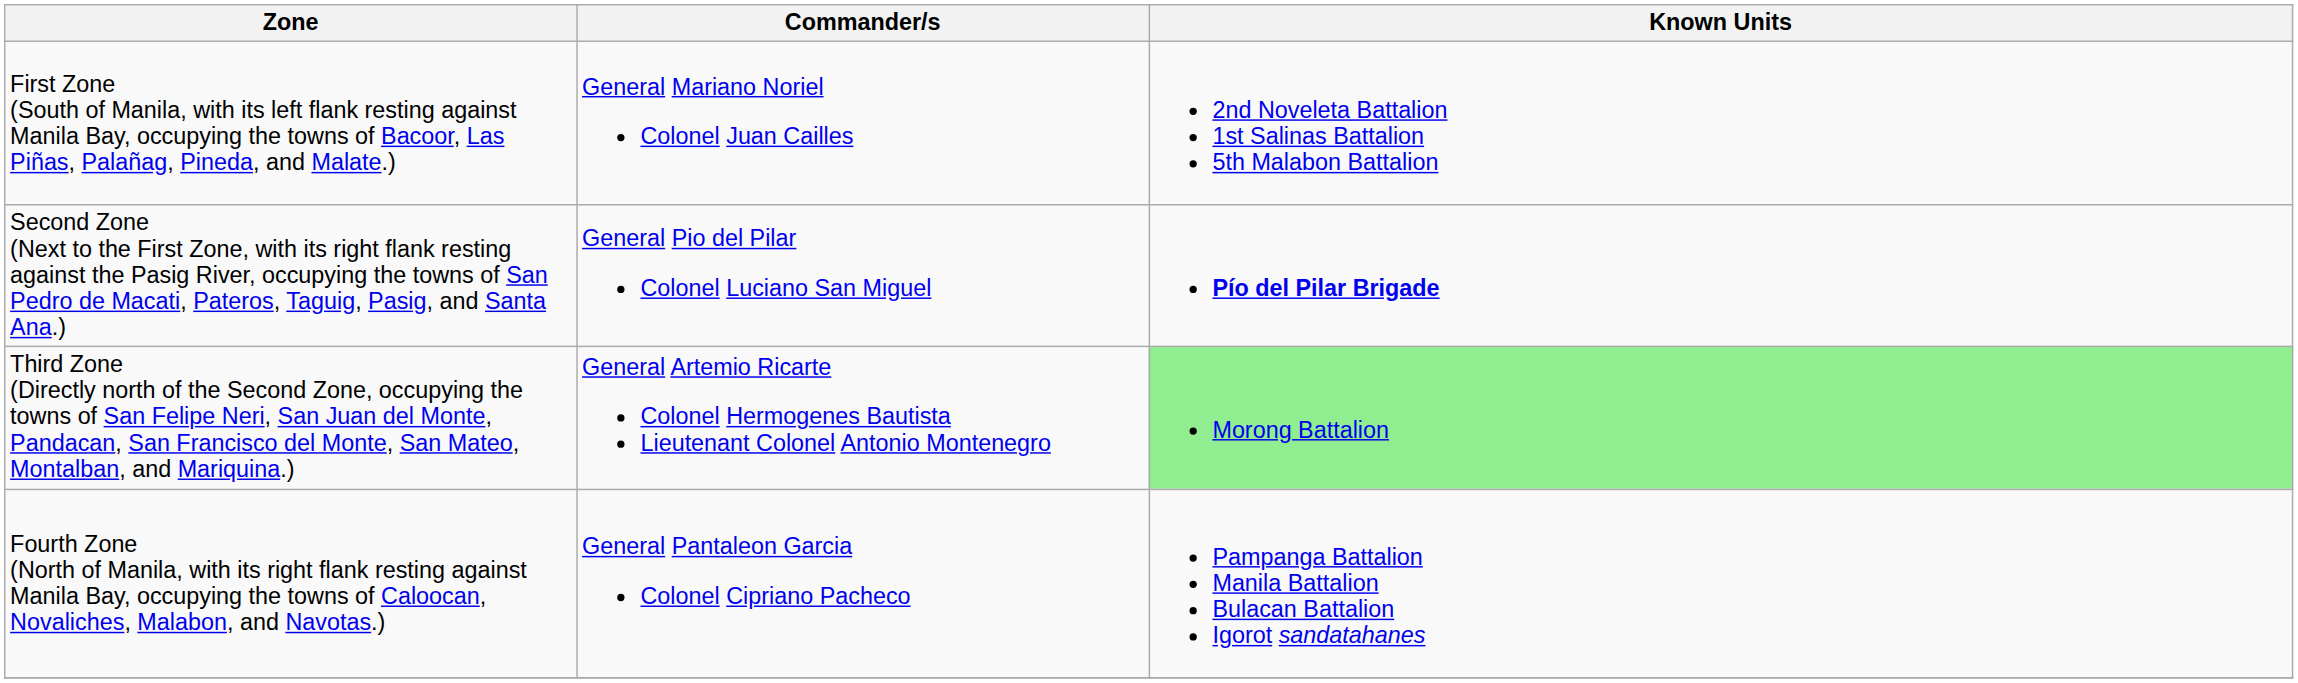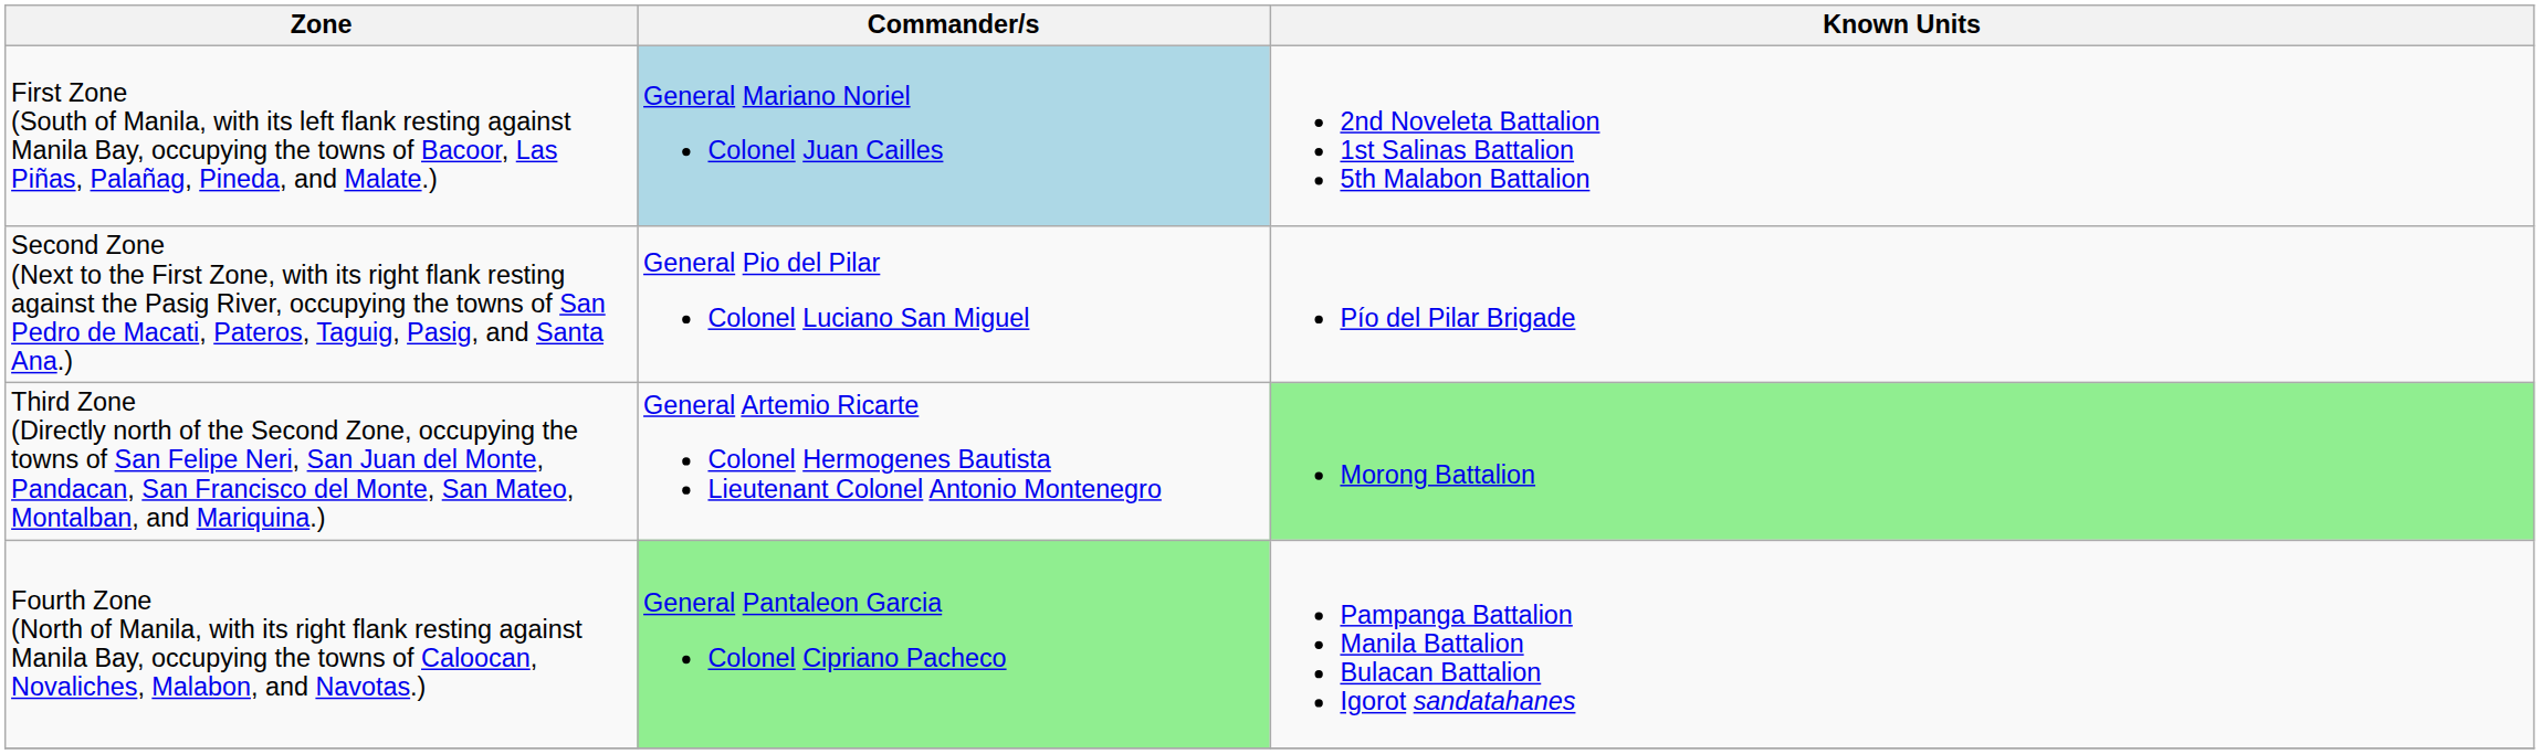 <table class="wikitable">
 <tr>
 <th width=25%>Zone</th>
 <th width=25%>Commander/s</th>
 <th>Known Units</th>
 </tr>
 <tr>
 <td>First Zone<br>(South of Manila, with its left flank resting against Manila Bay, occupying the towns of <a href='#'>Bacoor</a>, <a href='#'>Las Piñas</a>, <a href='#'>Palañag</a>, <a href='#'>Pineda</a>, and <a href='#'>Malate</a>.)</td>
-<td><a href='#'>General</a> <a href='#'>Mariano Noriel</a><br><ul><li><a href='#'>Colonel</a> <a href='#'>Juan Cailles</a></li></ul></td>
+<td style="background: lightblue;"><a href='#'>General</a> <a href='#'>Mariano Noriel</a><br><ul><li><a href='#'>Colonel</a> <a href='#'>Juan Cailles</a></li></ul></td>
 <td><br><ul><li><a href='#'>2nd Noveleta Battalion</a></li><li><a href='#'>1st Salinas Battalion</a></li><li><a href='#'>5th Malabon Battalion</a></li></ul></td>
 </tr>
 <tr>
 <td>Second Zone<br>(Next to the First Zone, with its right flank resting against the Pasig River, occupying the towns of <a href='#'>San Pedro de Macati</a>, <a href='#'>Pateros</a>, <a href='#'>Taguig</a>, <a href='#'>Pasig</a>, and <a href='#'>Santa Ana</a>.)</td>
 <td><a href='#'>General</a> <a href='#'>Pio del Pilar</a><br><ul><li><a href='#'>Colonel</a> <a href='#'>Luciano San Miguel</a></li></ul></td>
-<td><strong><br><ul><li><a href='#'>Pío del Pilar Brigade</a></li></ul></strong></td>
+<td><br><ul><li><a href='#'>Pío del Pilar Brigade</a></li></ul></td>
 </tr>
 <tr>
 <td>Third Zone<br>(Directly north of the Second Zone, occupying the towns of <a href='#'>San Felipe Neri</a>, <a href='#'>San Juan del Monte</a>, <a href='#'>Pandacan</a>, <a href='#'>San Francisco del Monte</a>, <a href='#'>San Mateo</a>, <a href='#'>Montalban</a>, and <a href='#'>Mariquina</a>.)</td>
 <td><a href='#'>General</a> <a href='#'>Artemio Ricarte</a><br><ul><li><a href='#'>Colonel</a> <a href='#'>Hermogenes Bautista</a></li><li><a href='#'>Lieutenant Colonel</a> <a href='#'>Antonio Montenegro</a></li></ul></td>
 <td style="background: lightgreen;"><br><ul><li><a href='#'>Morong Battalion</a></li></ul></td>
 </tr>
 <tr>
 <td>Fourth Zone<br>(North of Manila, with its right flank resting against Manila Bay, occupying the towns of <a href='#'>Caloocan</a>, <a href='#'>Novaliches</a>, <a href='#'>Malabon</a>, and <a href='#'>Navotas</a>.)</td>
-<td><a href='#'>General</a> <a href='#'>Pantaleon Garcia</a><br><ul><li><a href='#'>Colonel</a> <a href='#'>Cipriano Pacheco</a></li></ul></td>
+<td style="background: lightgreen;"><a href='#'>General</a> <a href='#'>Pantaleon Garcia</a><br><ul><li><a href='#'>Colonel</a> <a href='#'>Cipriano Pacheco</a></li></ul></td>
 <td><br><ul><li><a href='#'>Pampanga Battalion</a></li><li><a href='#'>Manila Battalion</a></li><li><a href='#'>Bulacan Battalion</a></li><li><a href='#'>Igorot</a> <em><a href='#'>sandatahanes</a></em></li></ul></td>
 </tr>
 <tr>
 </tr>
 </table>
